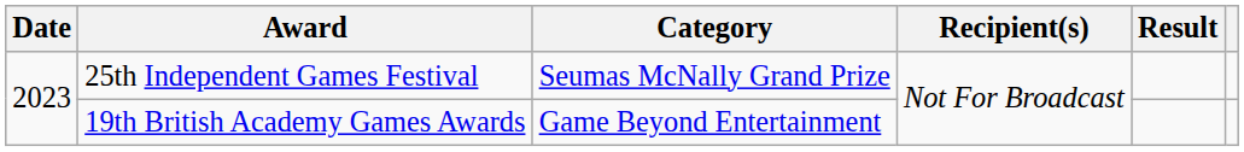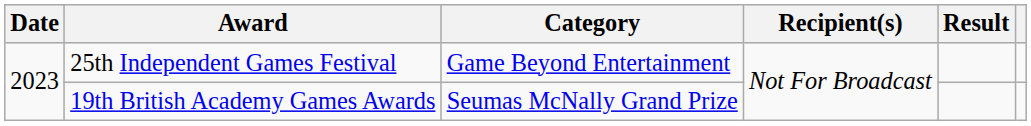 <table class="wikitable plainrowheaders sortable">
 <tr>
 <th scope="col">Date</th>
 <th scope="col">Award</th>
 <th scope="col">Category</th>
 <th scope="col">Recipient(s)</th>
 <th scope="col">Result</th>
 <th scope="col" class="unsortable"></th>
 </tr>
 <tr>
 <td style="text-align:center;" rowspan=2>2023</td>
 <td>25th <a href='#'>Independent Games Festival</a></td>
-<td><a href='#'>Seumas McNally Grand Prize</a></td>
+<td><a href='#'>Game Beyond Entertainment</a></td>
 <td rowspan=2><em>Not For Broadcast</em></td>
 <td></td>
 <td style="text-align:center;"></td>
 </tr>
 <tr>
 <td><a href='#'>19th British Academy Games Awards</a></td>
-<td><a href='#'>Game Beyond Entertainment</a></td>
+<td><a href='#'>Seumas McNally Grand Prize</a></td>
 <td></td>
 <td style="text-align:center;"></td>
 </tr>
 </table>
